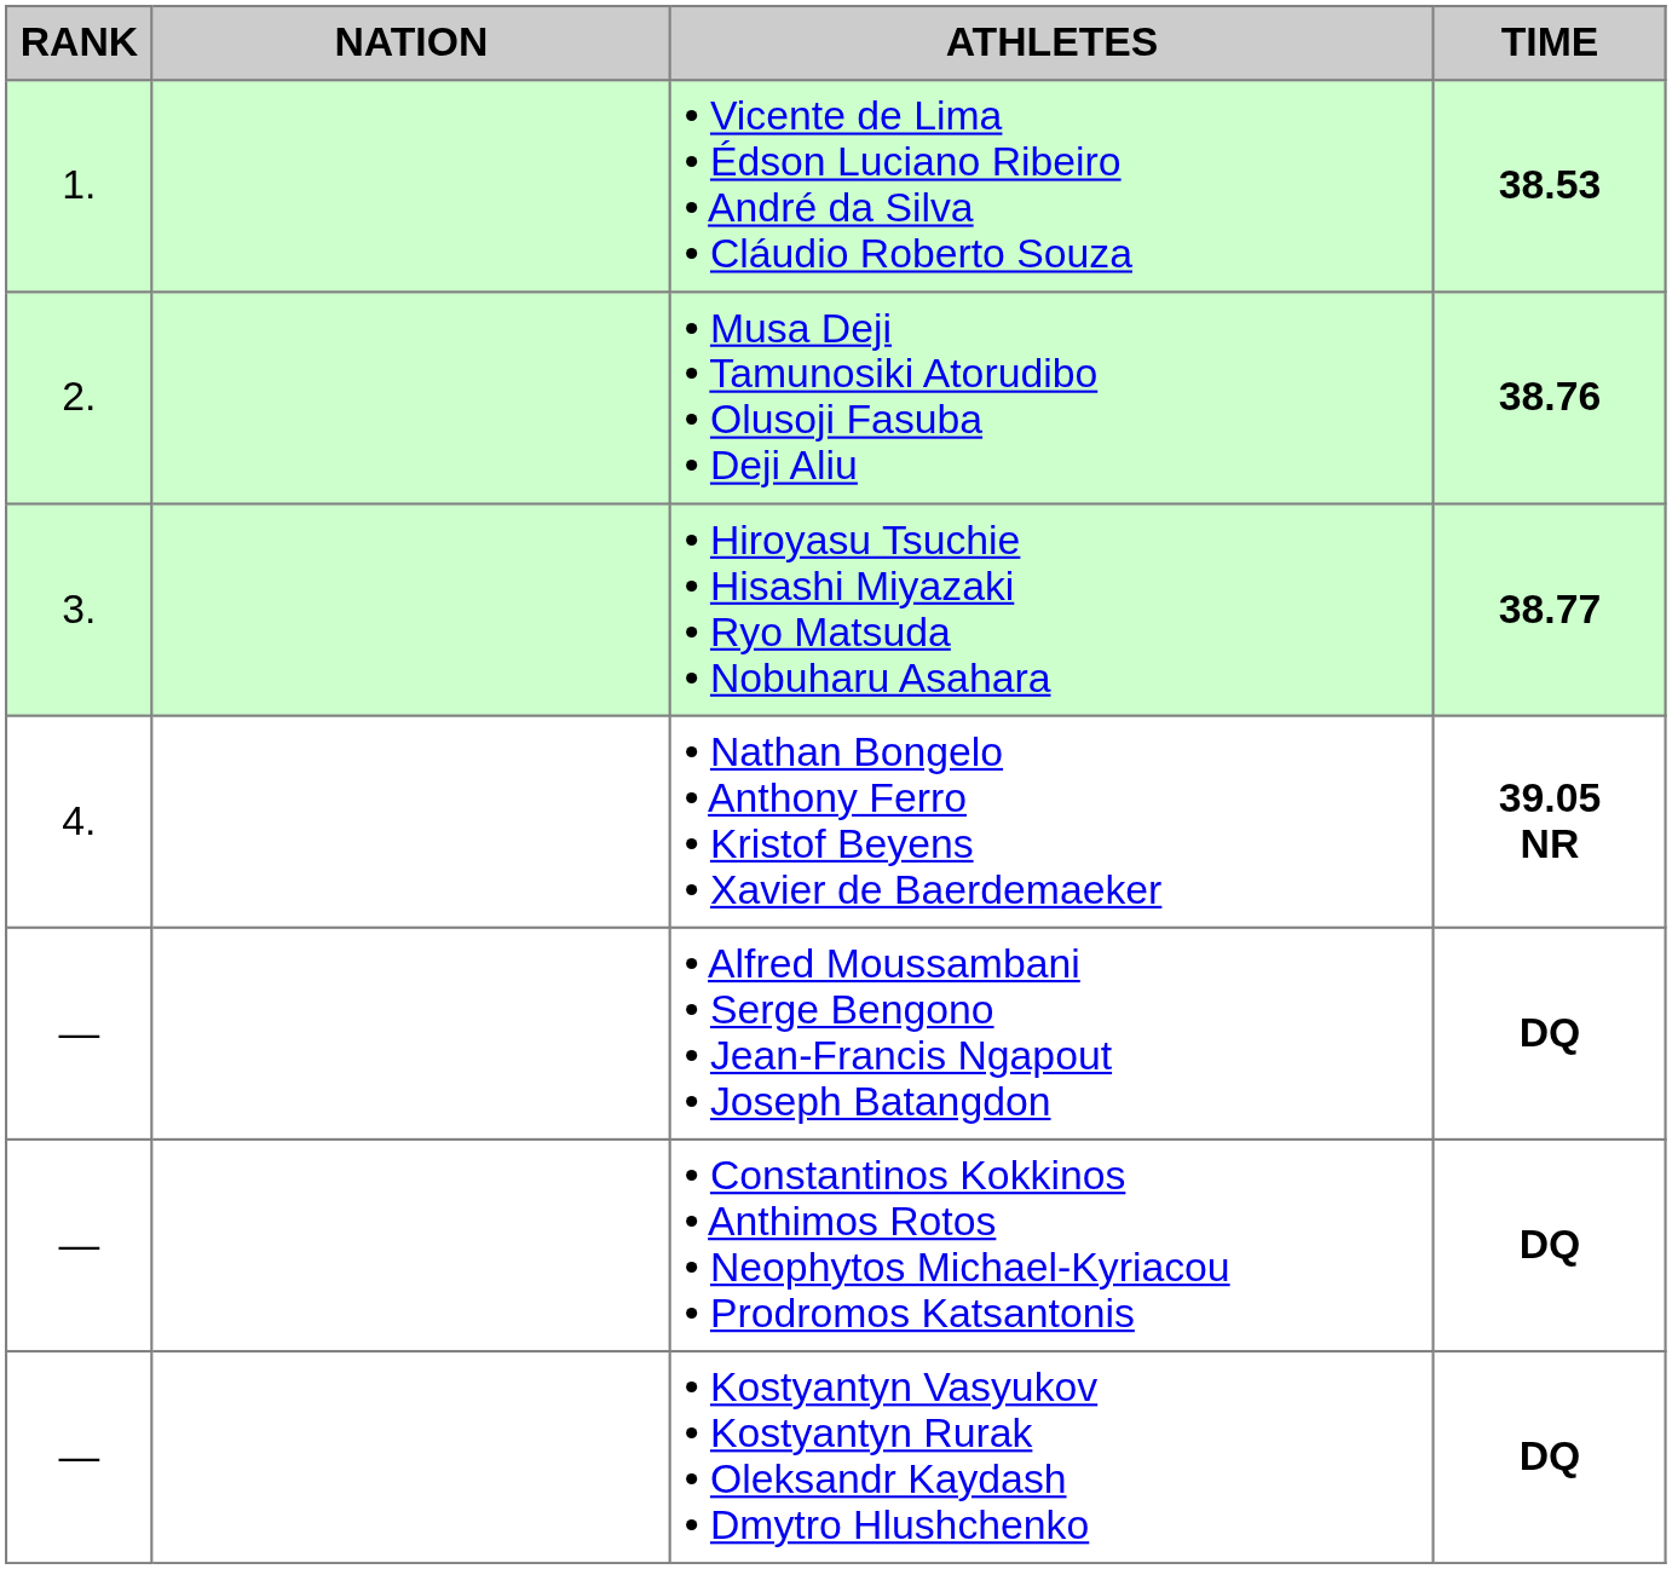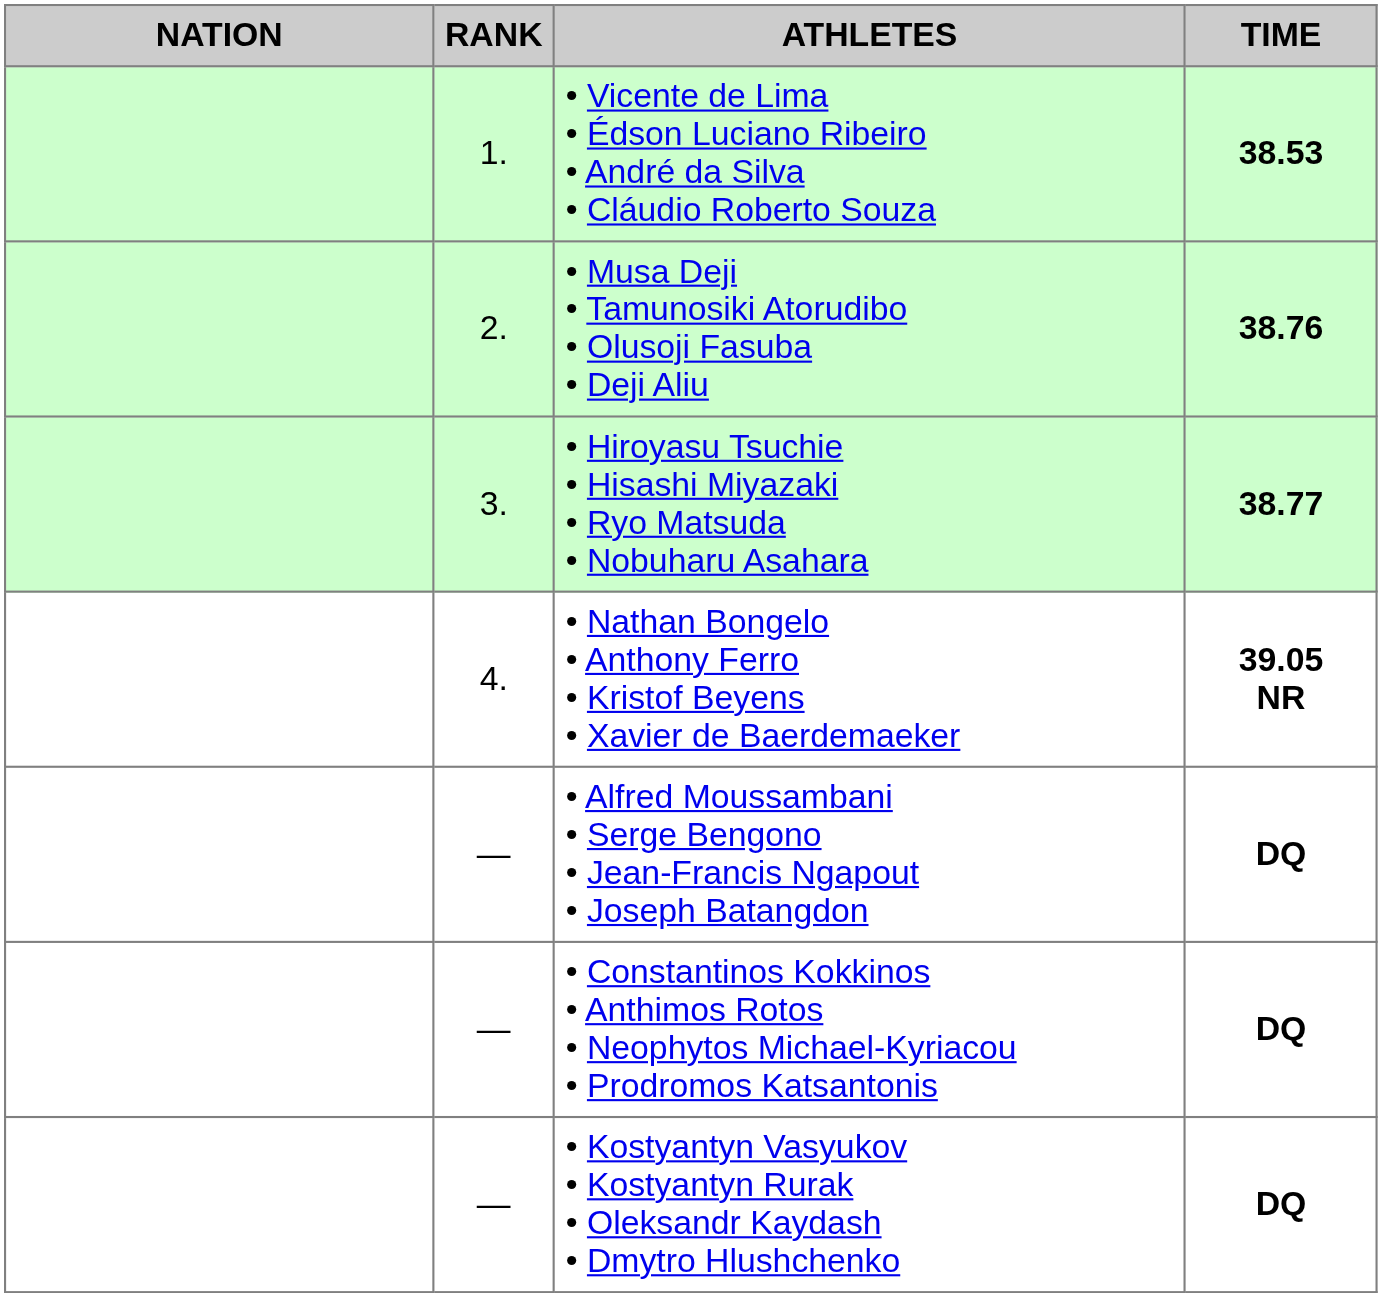 <table border="1" cellspacing="2" cellpadding="5" style="border-collapse: collapse;">
 <tr bgcolor="cccccc">
+<th style="width: 12em">NATION</th>
 <th>RANK</th>
-<th style="width: 12em">NATION</th>
 <th style="width: 18em">ATHLETES</th>
 <th style="width: 5em">TIME</th>
 </tr>
 <tr style="background:#ccffcc;">
+<td align="center"></td>
 <td align="center">1.</td>
-<td align="center"></td>
 <td>• <a href='#'>Vicente de Lima</a><br>• <a href='#'>Édson Luciano Ribeiro</a><br>• <a href='#'>André da Silva</a><br>• <a href='#'>Cláudio Roberto Souza</a></td>
 <td align="center"><strong>38.53</strong></td>
 </tr>
 <tr style="background:#ccffcc;">
+<td align="center"></td>
 <td align="center">2.</td>
-<td align="center"></td>
 <td>• <a href='#'>Musa Deji</a><br>• <a href='#'>Tamunosiki Atorudibo</a><br>• <a href='#'>Olusoji Fasuba</a><br>• <a href='#'>Deji Aliu</a></td>
 <td align="center"><strong>38.76</strong></td>
 </tr>
 <tr style="background:#ccffcc;">
+<td align="center"></td>
 <td align="center">3.</td>
-<td align="center"></td>
 <td>• <a href='#'>Hiroyasu Tsuchie</a><br>• <a href='#'>Hisashi Miyazaki</a><br>• <a href='#'>Ryo Matsuda</a><br>• <a href='#'>Nobuharu Asahara</a></td>
 <td align="center"><strong>38.77</strong></td>
 </tr>
 <tr>
+<td align="center"></td>
 <td align="center">4.</td>
-<td align="center"></td>
 <td>• <a href='#'>Nathan Bongelo</a><br>• <a href='#'>Anthony Ferro</a><br>• <a href='#'>Kristof Beyens</a><br>• <a href='#'>Xavier de Baerdemaeker</a></td>
 <td align="center"><strong>39.05</strong><br><strong>NR</strong></td>
 </tr>
 <tr>
+<td align="center"></td>
 <td align="center">—</td>
-<td align="center"></td>
 <td>• <a href='#'>Alfred Moussambani</a><br>• <a href='#'>Serge Bengono</a><br>• <a href='#'>Jean-Francis Ngapout</a><br>• <a href='#'>Joseph Batangdon</a></td>
 <td align="center"><strong>DQ</strong></td>
 </tr>
 <tr>
+<td align="center"></td>
 <td align="center">—</td>
-<td align="center"></td>
 <td>• <a href='#'>Constantinos Kokkinos</a><br>• <a href='#'>Anthimos Rotos</a><br>• <a href='#'>Neophytos Michael-Kyriacou</a><br>• <a href='#'>Prodromos Katsantonis</a></td>
 <td align="center"><strong>DQ</strong></td>
 </tr>
 <tr>
+<td align="center"></td>
 <td align="center">—</td>
-<td align="center"></td>
 <td>• <a href='#'>Kostyantyn Vasyukov</a><br>• <a href='#'>Kostyantyn Rurak</a><br>• <a href='#'>Oleksandr Kaydash</a><br>• <a href='#'>Dmytro Hlushchenko</a></td>
 <td align="center"><strong>DQ</strong></td>
 </tr>
 </table>
